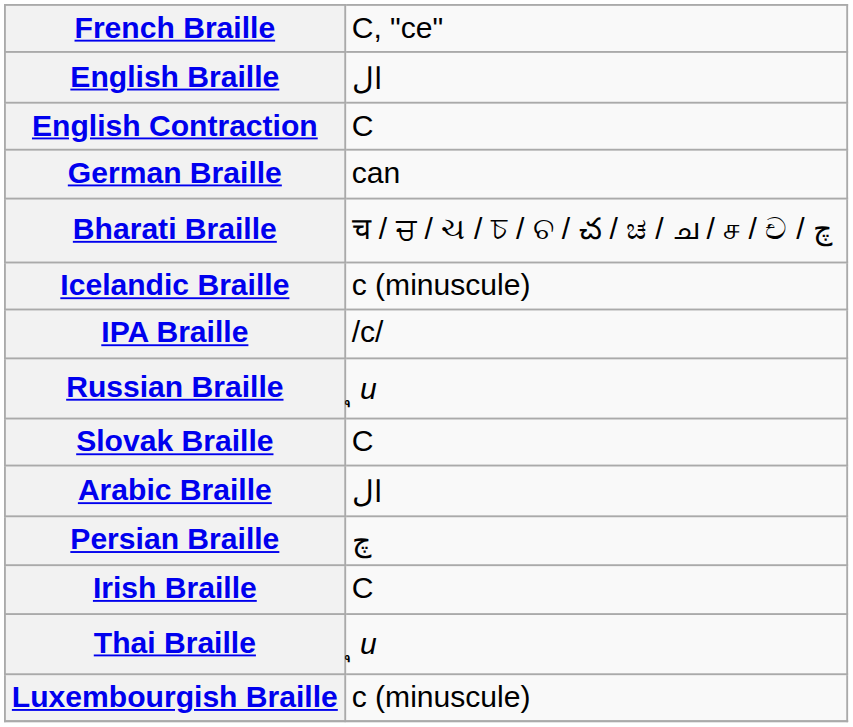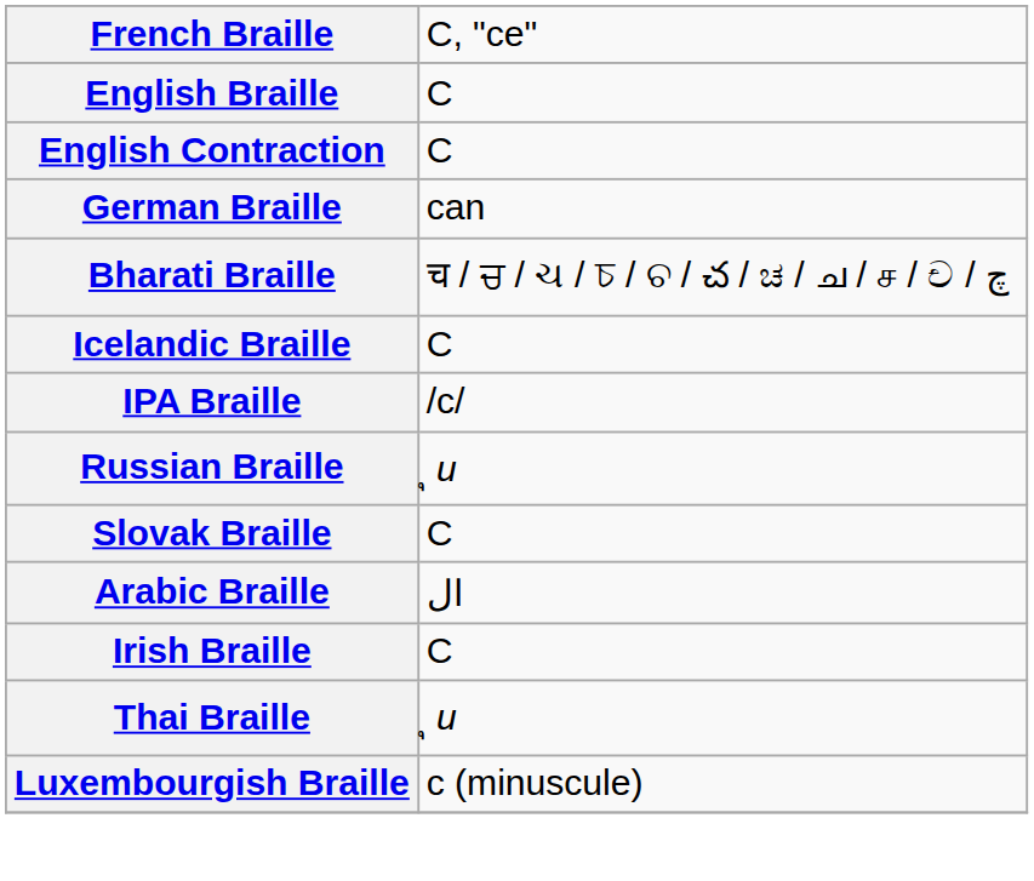 <table class="wikitable">
 <tr>
 <th align=left><a href='#'>French Braille</a></th>
 <td>C, "ce"</td>
 </tr>
 <tr>
 <th align=left><a href='#'>English Braille</a></th>
-<td>ال</td>
+<td>C</td>
 </tr>
 <tr>
 <th align=left><a href='#'>English Contraction</a></th>
 <td>C</td>
 </tr>
 <tr>
 <th align=left><a href='#'>German Braille</a></th>
 <td>can</td>
 </tr>
 <tr>
 <th align=left><a href='#'>Bharati Braille</a></th>
 <td>च / ਚ / ચ / চ / ଚ / చ / ಚ / ച / ச / ච / چ ‎</td>
 </tr>
 <tr>
 <th align=left><a href='#'>Icelandic Braille</a></th>
-<td>c (minuscule)</td>
+<td>C</td>
 </tr>
 <tr>
 <th align=left><a href='#'>IPA Braille</a></th>
 <td>/c/</td>
 </tr>
 <tr>
 <th align=left><a href='#'>Russian Braille</a></th>
 <td>ุ <em>u</em></td>
 </tr>
 <tr>
 <th align=left><a href='#'>Slovak Braille</a></th>
 <td>C</td>
 </tr>
 <tr>
 <th align=left><a href='#'>Arabic Braille</a></th>
 <td>ال</td>
 </tr>
 <tr>
-<th align=left><a href='#'>Persian Braille</a></th>
-<td>ﭺ</td>
-</tr>
-<tr>
 <th align=left><a href='#'>Irish Braille</a></th>
 <td>C</td>
 </tr>
 <tr>
 <th align=left><a href='#'>Thai Braille</a></th>
 <td>ุ <em>u</em></td>
 </tr>
 <tr>
 <th align=left><a href='#'>Luxembourgish Braille</a></th>
 <td>c (minuscule)</td>
 </tr>
 <tr>
 </tr>
 </table>
